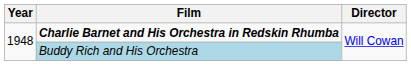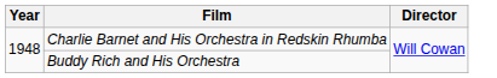 <table class="wikitable">
 <tr>
 <th>Year</th>
 <th>Film</th>
 <th>Director</th>
 </tr>
 <tr>
 <td rowspan=2>1948</td>
-<td><strong><em>Charlie Barnet and His Orchestra in Redskin Rhumba</em></strong></td>
+<td><em>Charlie Barnet and His Orchestra in Redskin Rhumba</em></td>
 <td rowspan=2><a href='#'>Will Cowan</a></td>
 </tr>
 <tr>
-<td style="background: lightblue;"><em>Buddy Rich and His Orchestra</em></td>
+<td><em>Buddy Rich and His Orchestra</em></td>
 </tr>
 </table>
